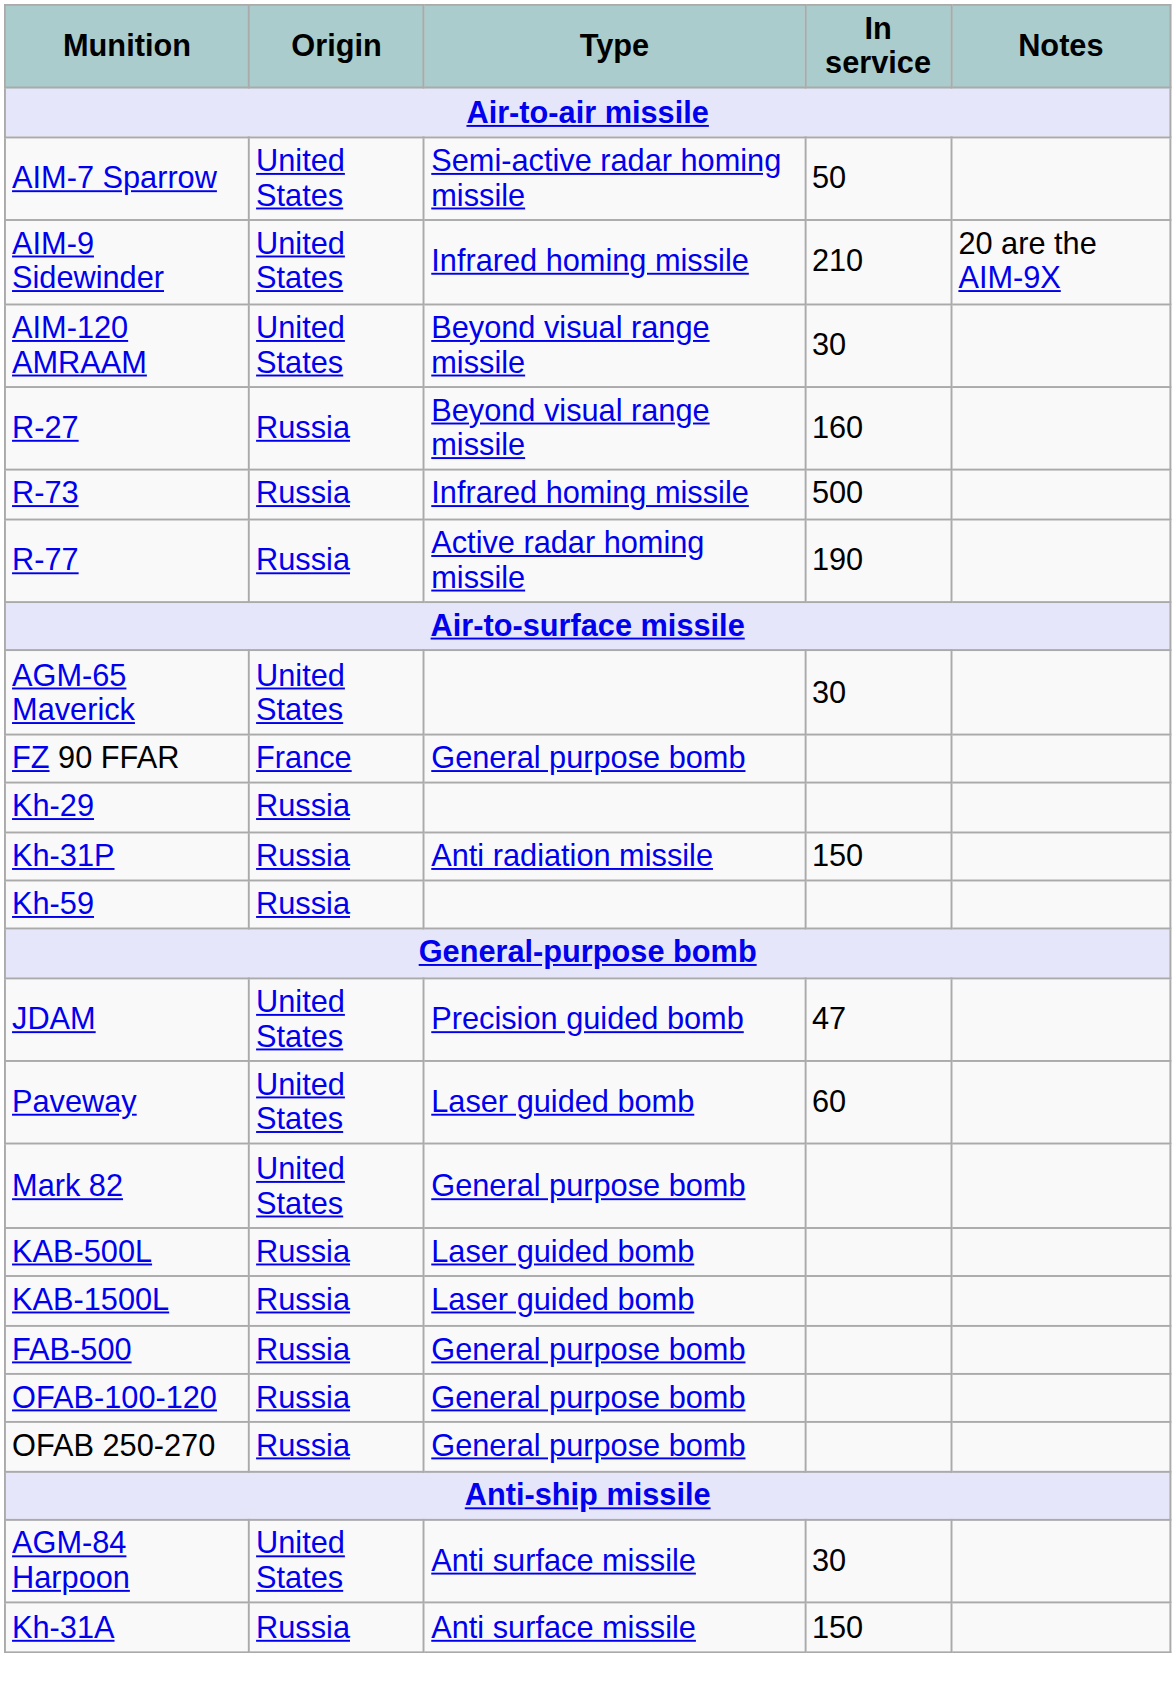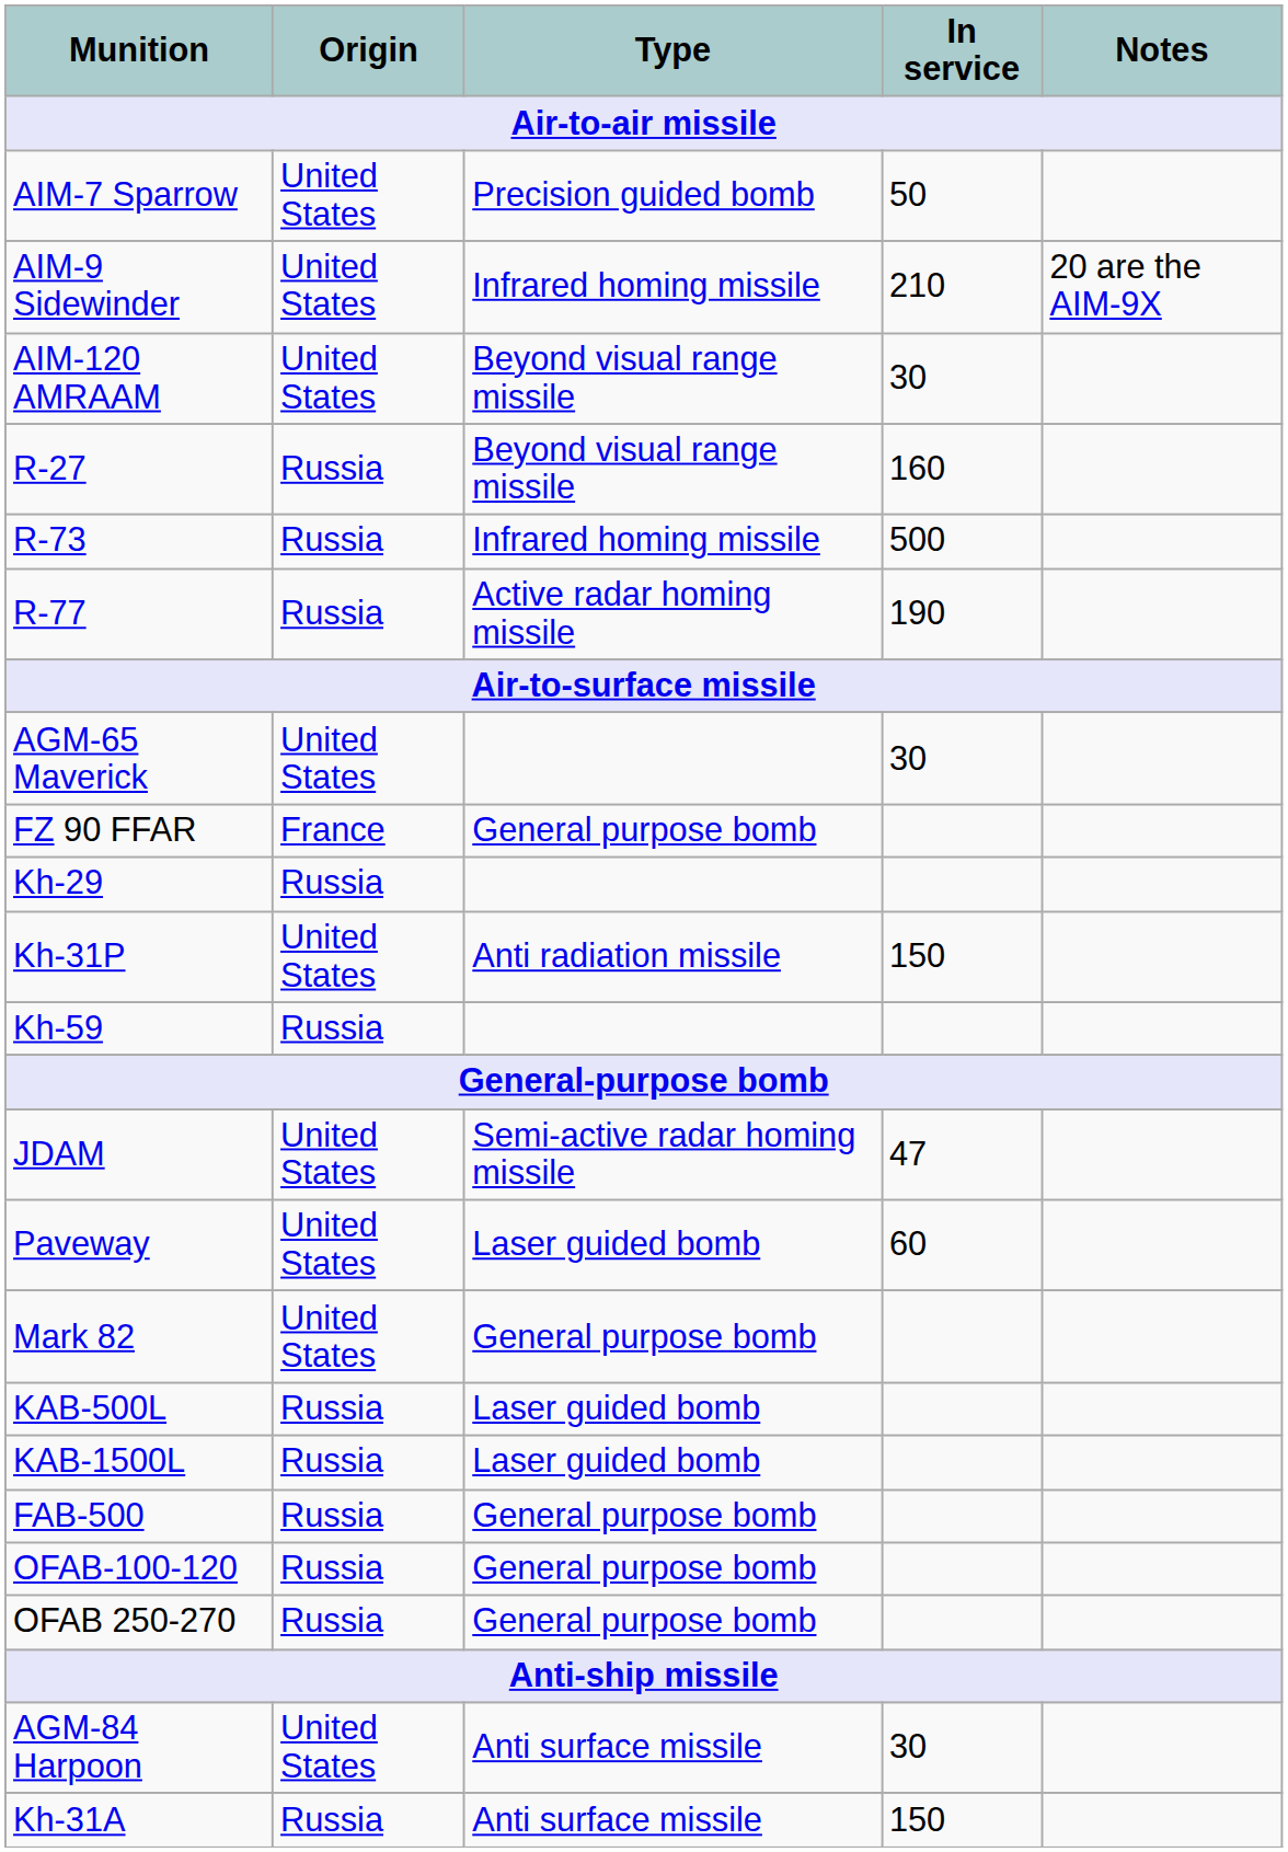 <table class="wikitable">
 <tr>
 <th style="text-align:center; background:#acc;">Munition</th>
 <th style="text-align: center; background:#acc;">Origin</th>
 <th style="text-align:l center; background:#acc;">Type</th>
 <th style="text-align:l center; background:#acc;">In service</th>
 <th style="text-align: center; background:#acc;">Notes</th>
 </tr>
 <tr>
 <th style="align: center; background: lavender;" colspan="7"><a href='#'>Air-to-air missile</a></th>
 </tr>
 <tr>
 <td><a href='#'>AIM-7 Sparrow</a></td>
 <td><a href='#'>United States</a></td>
-<td><a href='#'>Semi-active radar homing missile</a></td>
+<td><a href='#'>Precision guided bomb</a></td>
 <td>50</td>
 <td></td>
 </tr>
 <tr>
 <td><a href='#'>AIM-9 Sidewinder</a></td>
 <td><a href='#'>United States</a></td>
 <td><a href='#'>Infrared homing missile</a></td>
 <td>210</td>
 <td>20 are the <a href='#'>AIM-9X</a></td>
 </tr>
 <tr>
 <td><a href='#'>AIM-120 AMRAAM</a></td>
 <td><a href='#'>United States</a></td>
 <td><a href='#'>Beyond visual range missile</a></td>
 <td>30</td>
 <td></td>
 </tr>
 <tr>
 <td><a href='#'>R-27</a></td>
 <td><a href='#'>Russia</a></td>
 <td><a href='#'>Beyond visual range missile</a></td>
 <td>160</td>
 <td></td>
 </tr>
 <tr>
 <td><a href='#'>R-73</a></td>
 <td><a href='#'>Russia</a></td>
 <td><a href='#'>Infrared homing missile</a></td>
 <td>500</td>
 <td></td>
 </tr>
 <tr>
 <td><a href='#'>R-77</a></td>
 <td><a href='#'>Russia</a></td>
 <td><a href='#'>Active radar homing missile</a></td>
 <td>190</td>
 <td></td>
 </tr>
 <tr>
 <th style="align: center; background: lavender;" colspan="7"><a href='#'>Air-to-surface missile</a></th>
 </tr>
 <tr>
 <td><a href='#'>AGM-65 Maverick</a></td>
 <td><a href='#'>United States</a></td>
 <td></td>
 <td>30</td>
 <td></td>
 </tr>
 <tr>
 <td><a href='#'>FZ</a> 90 FFAR</td>
 <td><a href='#'>France</a></td>
 <td><a href='#'>General purpose bomb</a></td>
 <td></td>
 <td></td>
 </tr>
 <tr>
 <td><a href='#'>Kh-29</a></td>
 <td><a href='#'>Russia</a></td>
 <td></td>
 <td></td>
 <td></td>
 </tr>
 <tr>
 <td><a href='#'>Kh-31P</a></td>
-<td><a href='#'>Russia</a></td>
+<td><a href='#'>United States</a></td>
 <td><a href='#'>Anti radiation missile</a></td>
 <td>150</td>
 <td></td>
 </tr>
 <tr>
 <td><a href='#'>Kh-59</a></td>
 <td><a href='#'>Russia</a></td>
 <td></td>
 <td></td>
 <td></td>
 </tr>
 <tr>
 <th style="align: center; background: lavender;" colspan="7"><a href='#'>General-purpose bomb</a></th>
 </tr>
 <tr>
 <td><a href='#'>JDAM</a></td>
 <td><a href='#'>United States</a></td>
-<td><a href='#'>Precision guided bomb</a></td>
+<td><a href='#'>Semi-active radar homing missile</a></td>
 <td>47</td>
 <td></td>
 </tr>
 <tr>
 <td><a href='#'>Paveway</a></td>
 <td><a href='#'>United States</a></td>
 <td><a href='#'>Laser guided bomb</a></td>
 <td>60</td>
 <td></td>
 </tr>
 <tr>
 <td><a href='#'>Mark 82</a></td>
 <td><a href='#'>United States</a></td>
 <td><a href='#'>General purpose bomb</a></td>
 <td></td>
 <td></td>
 </tr>
 <tr>
 <td><a href='#'>KAB-500L</a></td>
 <td><a href='#'>Russia</a></td>
 <td><a href='#'>Laser guided bomb</a></td>
 <td></td>
 <td></td>
 </tr>
 <tr>
 <td><a href='#'>KAB-1500L</a></td>
 <td><a href='#'>Russia</a></td>
 <td><a href='#'>Laser guided bomb</a></td>
 <td></td>
 <td></td>
 </tr>
 <tr>
 <td><a href='#'>FAB-500</a></td>
 <td><a href='#'>Russia</a></td>
 <td><a href='#'>General purpose bomb</a></td>
 <td></td>
 <td></td>
 </tr>
 <tr>
 <td><a href='#'>OFAB-100-120</a></td>
 <td><a href='#'>Russia</a></td>
 <td><a href='#'>General purpose bomb</a></td>
 <td></td>
 <td></td>
 </tr>
 <tr>
 <td>OFAB 250-270</td>
 <td><a href='#'>Russia</a></td>
 <td><a href='#'>General purpose bomb</a></td>
 <td></td>
 <td></td>
 </tr>
 <tr>
 <th style="align: center; background: lavender;" colspan="7"><a href='#'>Anti-ship missile</a></th>
 </tr>
 <tr>
 <td><a href='#'>AGM-84 Harpoon</a></td>
 <td><a href='#'>United States</a></td>
 <td><a href='#'>Anti surface missile</a></td>
 <td>30</td>
 <td></td>
 </tr>
 <tr>
 <td><a href='#'>Kh-31A</a></td>
 <td><a href='#'>Russia</a></td>
 <td><a href='#'>Anti surface missile</a></td>
 <td>150</td>
 <td></td>
 </tr>
 </table>
